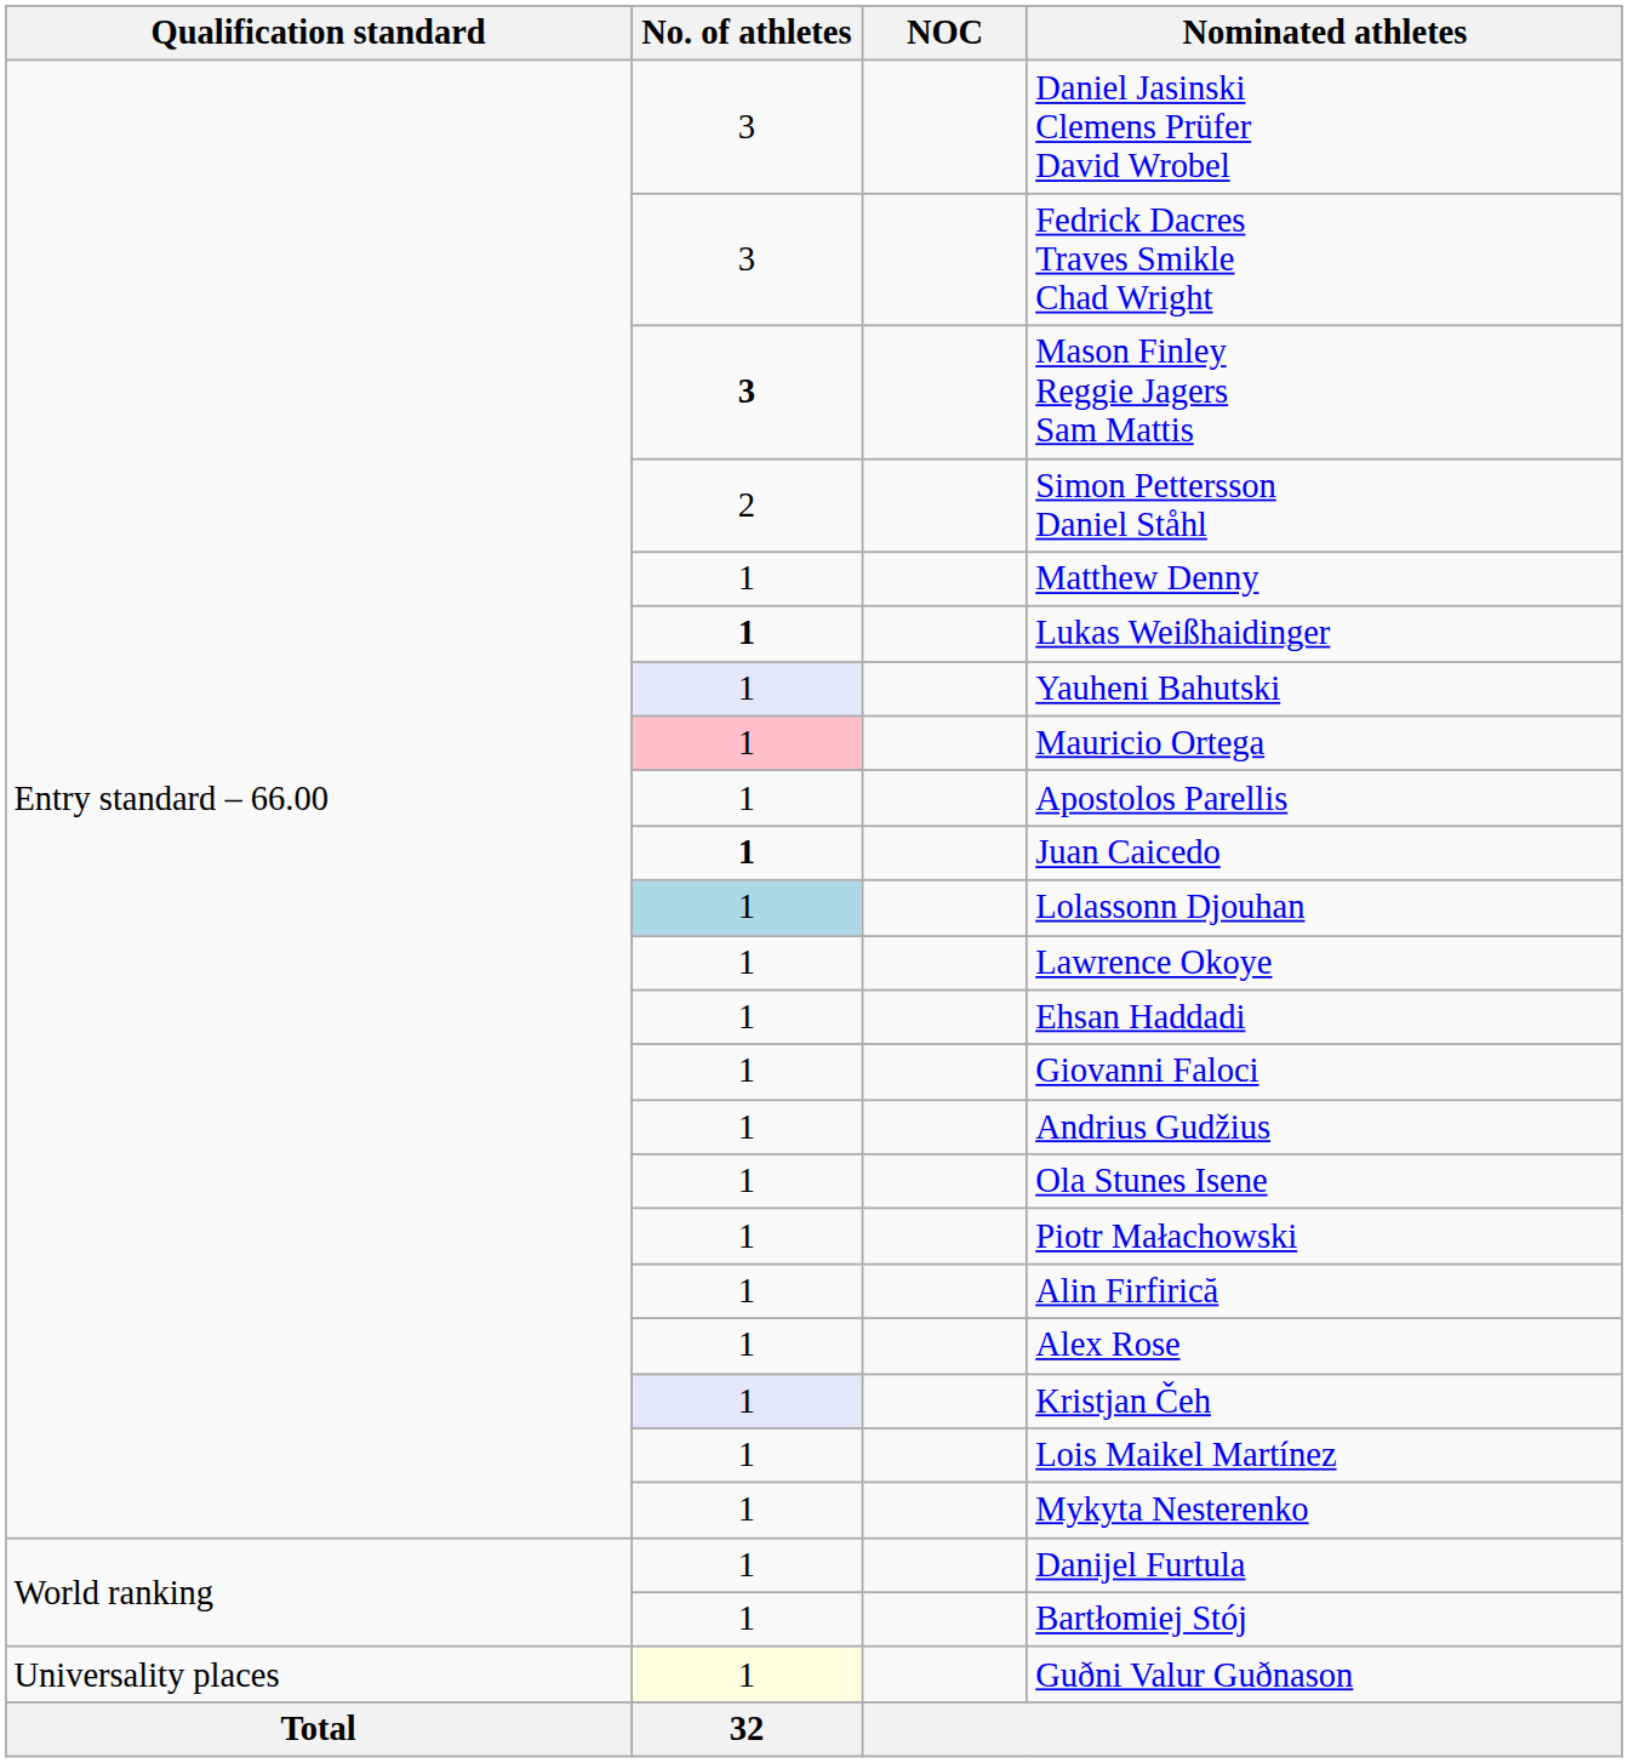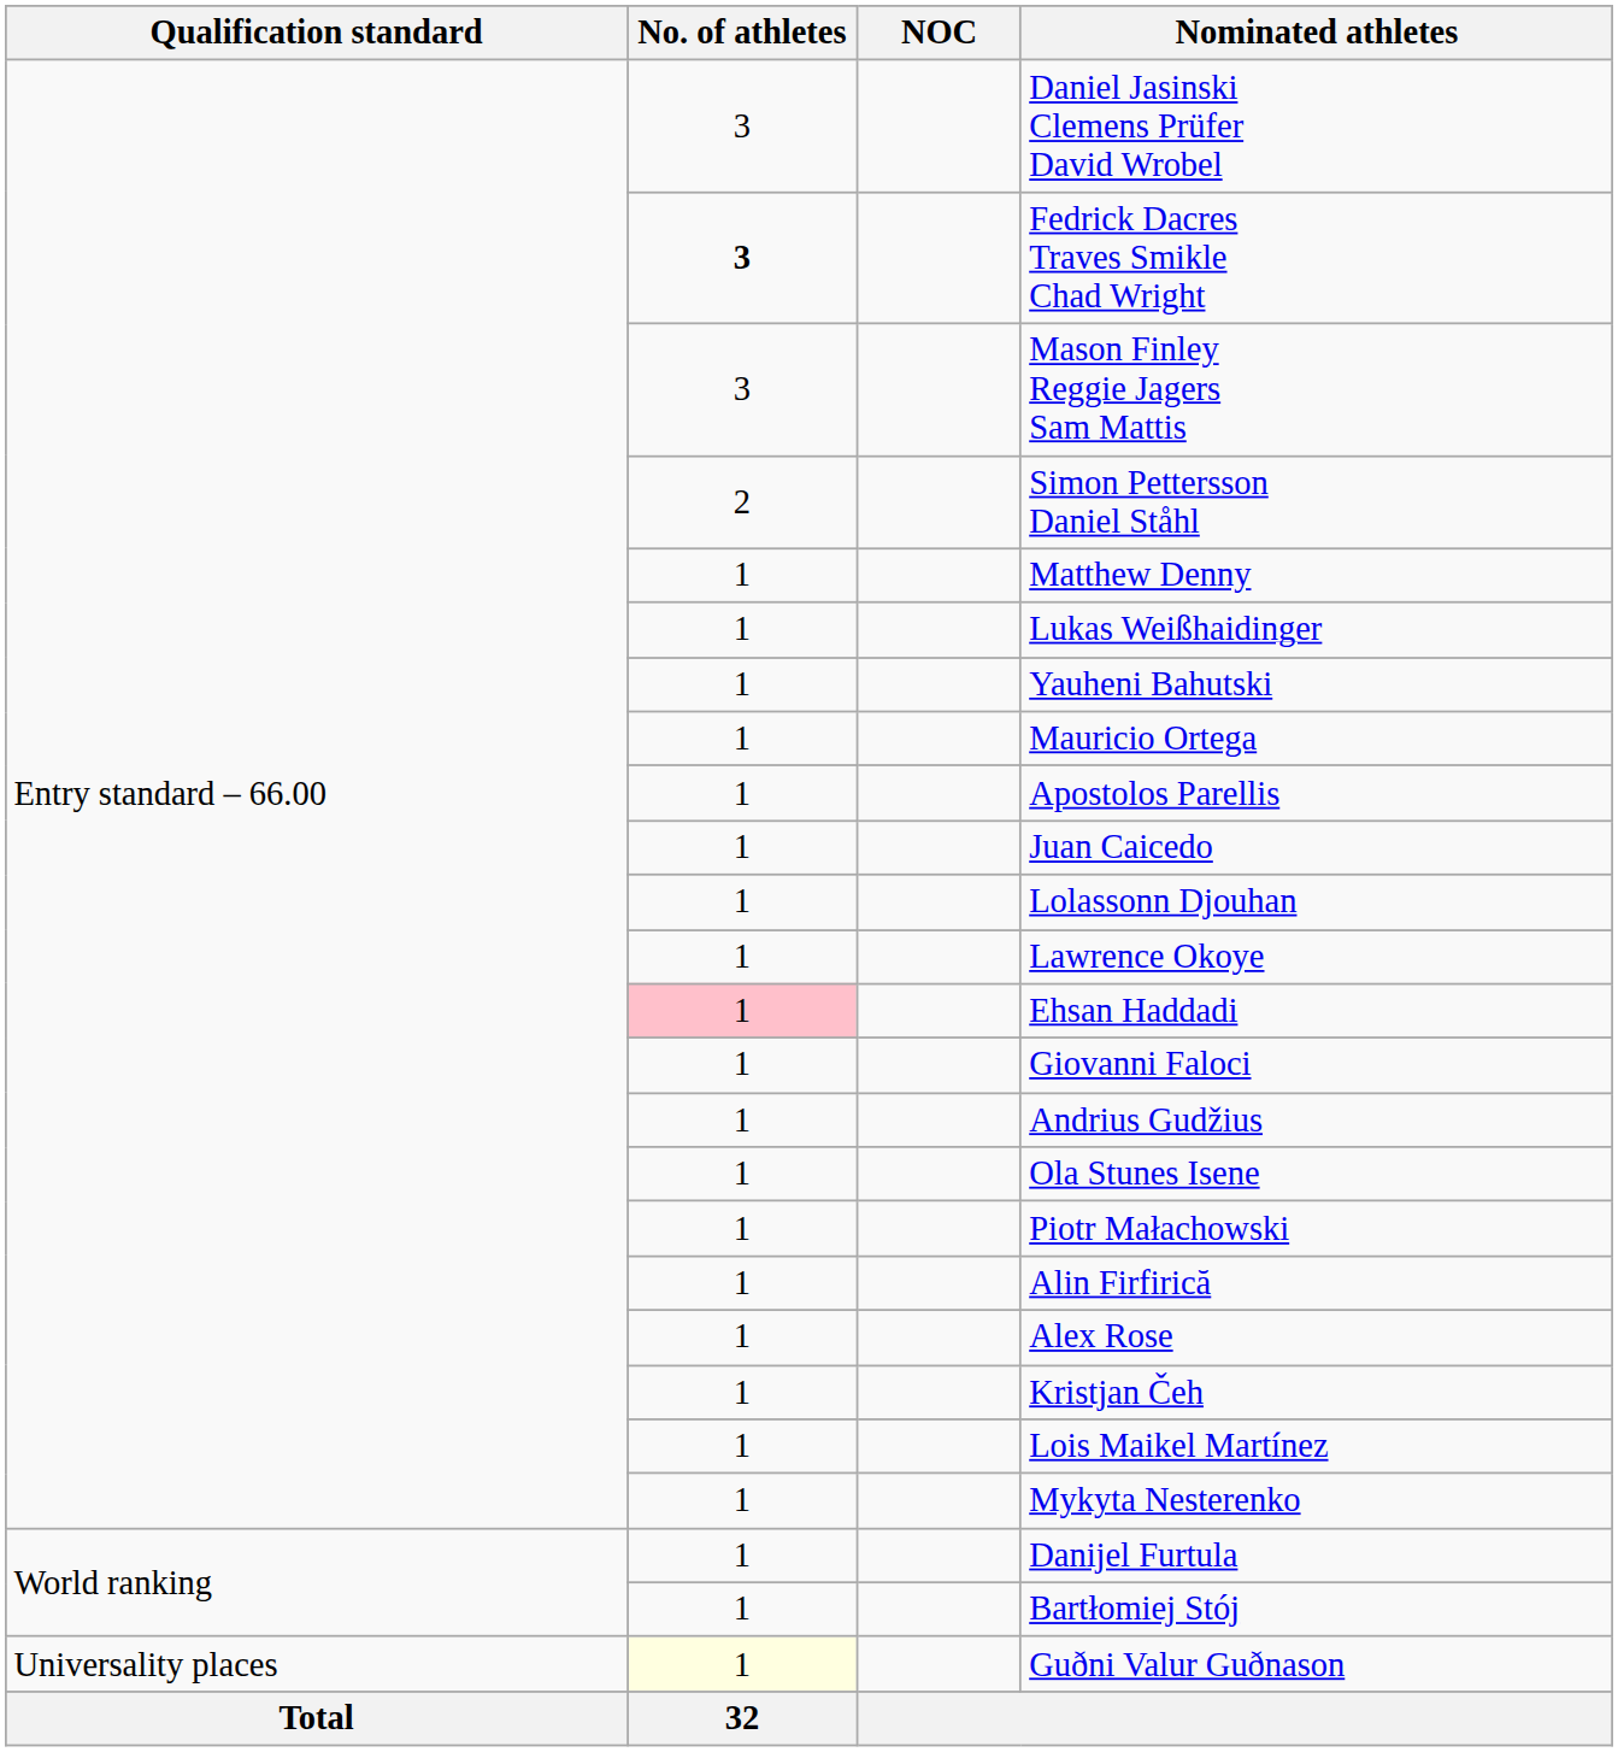 <table class="wikitable" style="text-align:left; width:750px;">
 <tr>
 <th>Qualification standard</th>
 <th width=100>No. of athletes</th>
 <th>NOC</th>
 <th>Nominated athletes</th>
 </tr>
 <tr>
 <td rowspan=22>Entry standard – 66.00</td>
 <td align=center>3</td>
 <td></td>
 <td><a href='#'>Daniel Jasinski</a><br><a href='#'>Clemens Prüfer</a><br><a href='#'>David Wrobel</a></td>
 </tr>
 <tr>
-<td align=center>3</td>
+<td align=center><strong>3</strong></td>
 <td></td>
 <td><a href='#'>Fedrick Dacres</a><br><a href='#'>Traves Smikle</a><br><a href='#'>Chad Wright</a></td>
 </tr>
 <tr>
-<td align=center><strong>3</strong></td>
+<td align=center>3</td>
 <td></td>
 <td><a href='#'>Mason Finley</a><br><a href='#'>Reggie Jagers</a><br><a href='#'>Sam Mattis</a></td>
 </tr>
 <tr>
 <td align=center>2</td>
 <td></td>
 <td><a href='#'>Simon Pettersson</a><br><a href='#'>Daniel Ståhl</a></td>
 </tr>
 <tr>
 <td align=center>1</td>
 <td></td>
 <td><a href='#'>Matthew Denny</a></td>
 </tr>
 <tr>
-<td align=center><strong>1</strong></td>
+<td align=center>1</td>
 <td></td>
 <td><a href='#'>Lukas Weißhaidinger</a></td>
 </tr>
 <tr>
-<td align=center style="background: lavender;">1</td>
+<td align=center>1</td>
 <td></td>
 <td><a href='#'>Yauheni Bahutski</a></td>
 </tr>
 <tr>
-<td align=center style="background: pink;">1</td>
+<td align=center>1</td>
 <td></td>
 <td><a href='#'>Mauricio Ortega</a></td>
 </tr>
 <tr>
 <td align=center>1</td>
 <td></td>
 <td><a href='#'>Apostolos Parellis</a></td>
 </tr>
 <tr>
-<td align=center><strong>1</strong></td>
+<td align=center>1</td>
 <td></td>
 <td><a href='#'>Juan Caicedo</a></td>
 </tr>
 <tr>
-<td align=center style="background: lightblue;">1</td>
+<td align=center>1</td>
 <td></td>
 <td><a href='#'>Lolassonn Djouhan</a></td>
 </tr>
 <tr>
 <td align=center>1</td>
 <td></td>
 <td><a href='#'>Lawrence Okoye</a></td>
 </tr>
 <tr>
-<td align=center>1</td>
+<td align=center style="background: pink;">1</td>
 <td></td>
 <td><a href='#'>Ehsan Haddadi</a></td>
 </tr>
 <tr>
 <td align=center>1</td>
 <td></td>
 <td><a href='#'>Giovanni Faloci</a></td>
 </tr>
 <tr>
 <td align=center>1</td>
 <td></td>
 <td><a href='#'>Andrius Gudžius</a></td>
 </tr>
 <tr>
 <td align=center>1</td>
 <td></td>
 <td><a href='#'>Ola Stunes Isene</a></td>
 </tr>
 <tr>
 <td align=center>1</td>
 <td></td>
 <td><a href='#'>Piotr Małachowski</a></td>
 </tr>
 <tr>
 <td align=center>1</td>
 <td></td>
 <td><a href='#'>Alin Firfirică</a></td>
 </tr>
 <tr>
 <td align=center>1</td>
 <td></td>
 <td><a href='#'>Alex Rose</a></td>
 </tr>
 <tr>
-<td align=center style="background: lavender;">1</td>
+<td align=center>1</td>
 <td></td>
 <td><a href='#'>Kristjan Čeh</a></td>
 </tr>
 <tr>
 <td align=center>1</td>
 <td></td>
 <td><a href='#'>Lois Maikel Martínez</a></td>
 </tr>
 <tr>
 <td align=center>1</td>
 <td></td>
 <td><a href='#'>Mykyta Nesterenko</a></td>
 </tr>
 <tr>
 <td rowspan=2>World ranking</td>
 <td align=center>1</td>
 <td></td>
 <td><a href='#'>Danijel Furtula</a></td>
 </tr>
 <tr>
 <td align=center>1</td>
 <td></td>
 <td><a href='#'>Bartłomiej Stój</a></td>
 </tr>
 <tr>
 <td>Universality places</td>
 <td align=center style="background: lightyellow;">1</td>
 <td></td>
 <td><a href='#'>Guðni Valur Guðnason</a></td>
 </tr>
 <tr>
 <th>Total</th>
 <th>32</th>
 <th colspan=2></th>
 </tr>
 </table>
